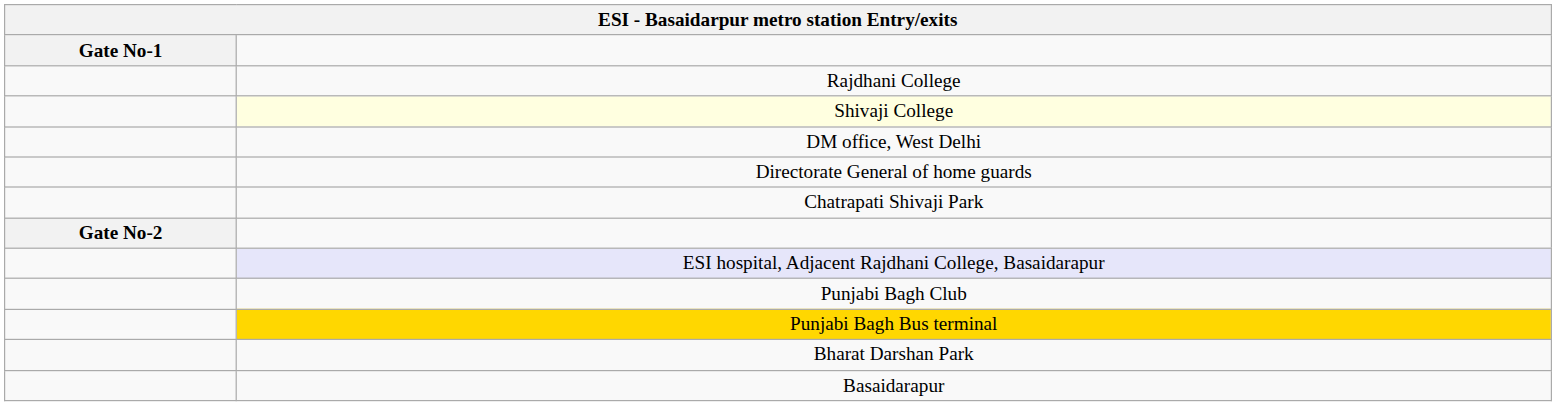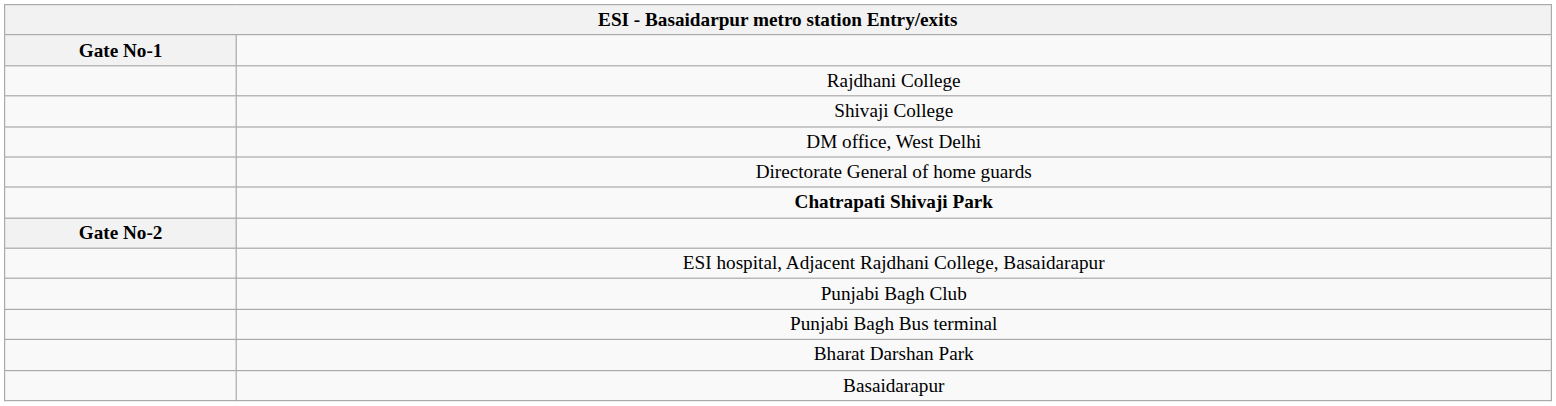 <table class="wikitable" style="text-align: center;" width="65%">
 <tr>
 <th align="center" colspan="5" style="background:#"><span>ESI - Basaidarpur metro station Entry/exits</span></th>
 </tr>
 <tr>
 <th style="width:15%;">Gate No-1</th>
 </tr>
 <tr>
 <td></td>
 <td>Rajdhani College</td>
 </tr>
 <tr>
 <td></td>
-<td style="background: lightyellow;">Shivaji College</td>
+<td>Shivaji College</td>
 </tr>
 <tr>
 <td></td>
 <td>DM office, West Delhi</td>
 </tr>
 <tr>
 <td></td>
 <td>Directorate General of home guards</td>
 </tr>
 <tr>
 <td></td>
-<td>Chatrapati Shivaji Park</td>
+<td><strong>Chatrapati Shivaji Park</strong></td>
 </tr>
 <tr>
 <th style="width:15%;">Gate No-2</th>
 </tr>
 <tr>
 <td></td>
-<td style="background: lavender;">ESI hospital, Adjacent Rajdhani College, Basaidarapur</td>
+<td>ESI hospital, Adjacent Rajdhani College, Basaidarapur</td>
 </tr>
 <tr>
 <td></td>
 <td>Punjabi Bagh Club</td>
 </tr>
 <tr>
 <td></td>
-<td style="background: gold;">Punjabi Bagh Bus terminal</td>
+<td>Punjabi Bagh Bus terminal</td>
 </tr>
 <tr>
 <td></td>
 <td>Bharat Darshan Park</td>
 </tr>
 <tr>
 <td></td>
 <td>Basaidarapur</td>
 </tr>
 </table>
